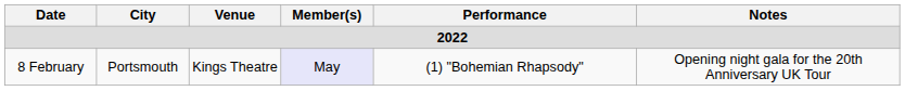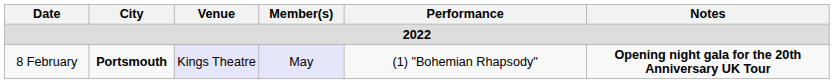 <table class="wikitable" style="text-align:center;">
 <tr>
 <th style="width:100px;">Date</th>
 <th style="width:100px;">City</th>
 <th style="width:100px;">Venue</th>
 <th style="width:100px;">Member(s)</th>
 <th style="width:300px;">Performance</th>
 <th style="width:300px;">Notes</th>
 </tr>
 <tr style="background:#ddd;">
 <td colspan="6"><strong>2022</strong></td>
 </tr>
 <tr>
 <td>8 February</td>
-<td>Portsmouth</td>
-<td>Kings Theatre</td>
+<td><strong>Portsmouth</strong></td>
+<td style="background: lavender;">Kings Theatre</td>
 <td style="background: lavender;">May</td>
 <td>(1) "Bohemian Rhapsody"</td>
-<td>Opening night gala for the 20th Anniversary UK Tour</td>
+<td><strong>Opening night gala for the 20th Anniversary UK Tour</strong></td>
 </tr>
 </table>
